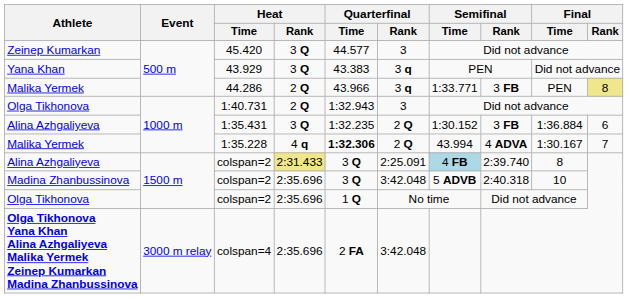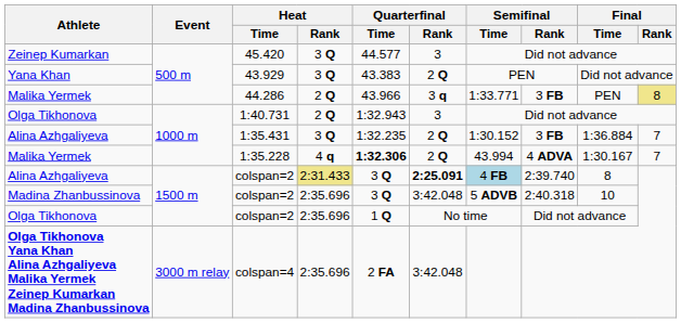 <table class="wikitable" style="font-size:90%">
 <tr>
 <th rowspan=2>Athlete</th>
 <th rowspan=2>Event</th>
 <th colspan=2>Heat</th>
 <th colspan=2>Quarterfinal</th>
 <th colspan=2>Semifinal</th>
 <th colspan=2>Final</th>
 </tr>
 <tr style="font-size:95%">
 <th>Time</th>
 <th>Rank</th>
 <th>Time</th>
 <th>Rank</th>
 <th>Time</th>
 <th>Rank</th>
 <th>Time</th>
 <th>Rank</th>
 </tr>
 <tr align=center>
 <td align=left><a href='#'>Zeinep Kumarkan</a></td>
 <td align=left rowspan=3><a href='#'>500 m</a></td>
 <td>45.420</td>
 <td>3 <strong>Q</strong></td>
 <td>44.577</td>
 <td>3</td>
 <td colspan=4>Did not advance</td>
 </tr>
 <tr align=center>
 <td align=left><a href='#'>Yana Khan</a></td>
 <td>43.929</td>
 <td>3 <strong>Q</strong></td>
 <td>43.383</td>
-<td>3 <strong>q</strong></td>
+<td>2 <strong>Q</strong></td>
 <td colspan=2>PEN</td>
 <td colspan=2>Did not advance</td>
 </tr>
 <tr align=center>
 <td align=left><a href='#'>Malika Yermek</a></td>
 <td>44.286</td>
 <td>2 <strong>Q</strong></td>
 <td>43.966</td>
 <td>3 <strong>q</strong></td>
 <td>1:33.771</td>
 <td>3 <strong>FB</strong></td>
 <td>PEN</td>
 <td style="background: khaki;">8</td>
 </tr>
 <tr align=center>
 <td align=left><a href='#'>Olga Tikhonova</a></td>
 <td align=left rowspan=3><a href='#'>1000 m</a></td>
 <td>1:40.731</td>
 <td>2 <strong>Q</strong></td>
 <td>1:32.943</td>
 <td>3</td>
 <td colspan=4>Did not advance</td>
 </tr>
 <tr align=center>
 <td align=left><a href='#'>Alina Azhgaliyeva</a></td>
 <td>1:35.431</td>
 <td>3 <strong>Q</strong></td>
 <td>1:32.235</td>
 <td>2 <strong>Q</strong></td>
 <td>1:30.152</td>
 <td>3 <strong>FB</strong></td>
 <td>1:36.884</td>
-<td>6</td>
+<td>7</td>
 </tr>
 <tr align=center>
 <td align=left><a href='#'>Malika Yermek</a></td>
 <td>1:35.228</td>
 <td>4 <strong>q</strong></td>
 <td><strong>1:32.306</strong></td>
 <td>2 <strong>Q</strong></td>
 <td>43.994</td>
 <td>4 <strong>ADVA</strong></td>
 <td>1:30.167</td>
 <td>7</td>
 </tr>
 <tr align=center>
 <td align=left><a href='#'>Alina Azhgaliyeva</a></td>
 <td align=left rowspan=3><a href='#'>1500 m</a></td>
 <td>colspan=2 </td>
 <td style="background: khaki;">2:31.433</td>
 <td>3 <strong>Q</strong></td>
-<td>2:25.091</td>
+<td><strong>2:25.091</strong></td>
 <td style="background: lightblue;">4 <strong>FB</strong></td>
 <td>2:39.740</td>
 <td>8</td>
 </tr>
 <tr align=center>
 <td align=left><a href='#'>Madina Zhanbussinova</a></td>
 <td>colspan=2 </td>
 <td>2:35.696</td>
 <td>3 <strong>Q</strong></td>
 <td>3:42.048</td>
 <td>5 <strong>ADVB</strong></td>
 <td>2:40.318</td>
 <td>10</td>
 </tr>
 <tr align=center>
 <td align=left><a href='#'>Olga Tikhonova</a></td>
 <td>colspan=2 </td>
 <td>2:35.696</td>
 <td>1 <strong>Q</strong></td>
 <td colspan=2>No time</td>
 <td colspan=2>Did not advance</td>
 </tr>
 <tr align=center>
 <td align=left><strong><a href='#'>Olga Tikhonova</a><br><a href='#'>Yana Khan</a><br><a href='#'>Alina Azhgaliyeva</a><br><a href='#'>Malika Yermek</a><br><a href='#'>Zeinep Kumarkan</a><br><a href='#'>Madina Zhanbussinova</a></strong></td>
 <td align=left><a href='#'>3000 m relay</a></td>
 <td>colspan=4 </td>
 <td>2:35.696</td>
 <td>2 <strong>FA</strong></td>
 <td>3:42.048</td>
 <td></td>
 </tr>
 </table>
